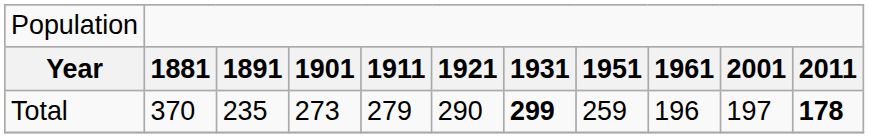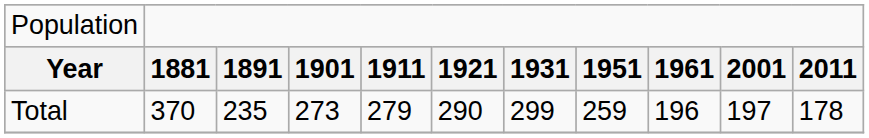 <table class="wikitable">
 <tr>
 <td>Population</td>
 </tr>
 <tr>
 <th>Year</th>
 <th>1881</th>
 <th>1891</th>
 <th>1901</th>
 <th>1911</th>
 <th>1921</th>
 <th>1931</th>
 <th>1951</th>
 <th>1961</th>
 <th>2001</th>
 <th>2011</th>
 </tr>
 <tr>
 <td>Total</td>
 <td>370</td>
 <td>235</td>
 <td>273</td>
 <td>279</td>
 <td>290</td>
-<td><strong>299</strong></td>
+<td>299</td>
 <td>259</td>
 <td>196</td>
 <td>197</td>
-<td><strong>178</strong></td>
+<td>178</td>
 </tr>
 <tr>
 </tr>
 </table>
